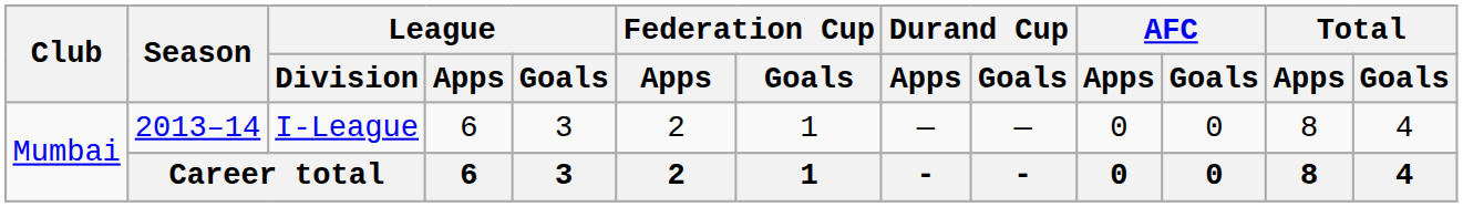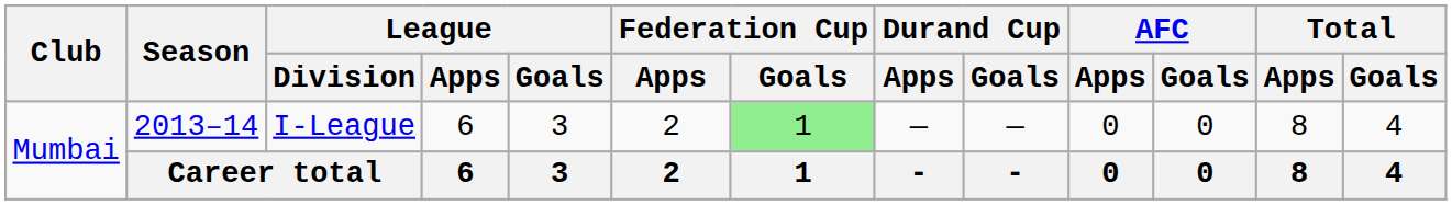 <table class="wikitable" style="text-align: center;">
 <tr>
 <th rowspan="2">Club</th>
 <th rowspan="2">Season</th>
 <th colspan="3">League</th>
 <th colspan="2">Federation Cup</th>
 <th colspan="2">Durand Cup</th>
 <th colspan="2"><a href='#'>AFC</a></th>
 <th colspan="2">Total</th>
 </tr>
 <tr>
 <th>Division</th>
 <th>Apps</th>
 <th>Goals</th>
 <th>Apps</th>
 <th>Goals</th>
 <th>Apps</th>
 <th>Goals</th>
 <th>Apps</th>
 <th>Goals</th>
 <th>Apps</th>
 <th>Goals</th>
 </tr>
 <tr>
 <td rowspan="2"><a href='#'>Mumbai</a></td>
 <td><a href='#'>2013–14</a></td>
 <td><a href='#'>I-League</a></td>
 <td>6</td>
 <td>3</td>
 <td>2</td>
-<td>1</td>
+<td style="background: lightgreen;">1</td>
 <td>—</td>
 <td>—</td>
 <td>0</td>
 <td>0</td>
 <td>8</td>
 <td>4</td>
 </tr>
 <tr>
 <th colspan="2">Career total</th>
 <th>6</th>
 <th>3</th>
 <th>2</th>
 <th>1</th>
 <th>-</th>
 <th>-</th>
 <th>0</th>
 <th>0</th>
 <th>8</th>
 <th>4</th>
 </tr>
 </table>
